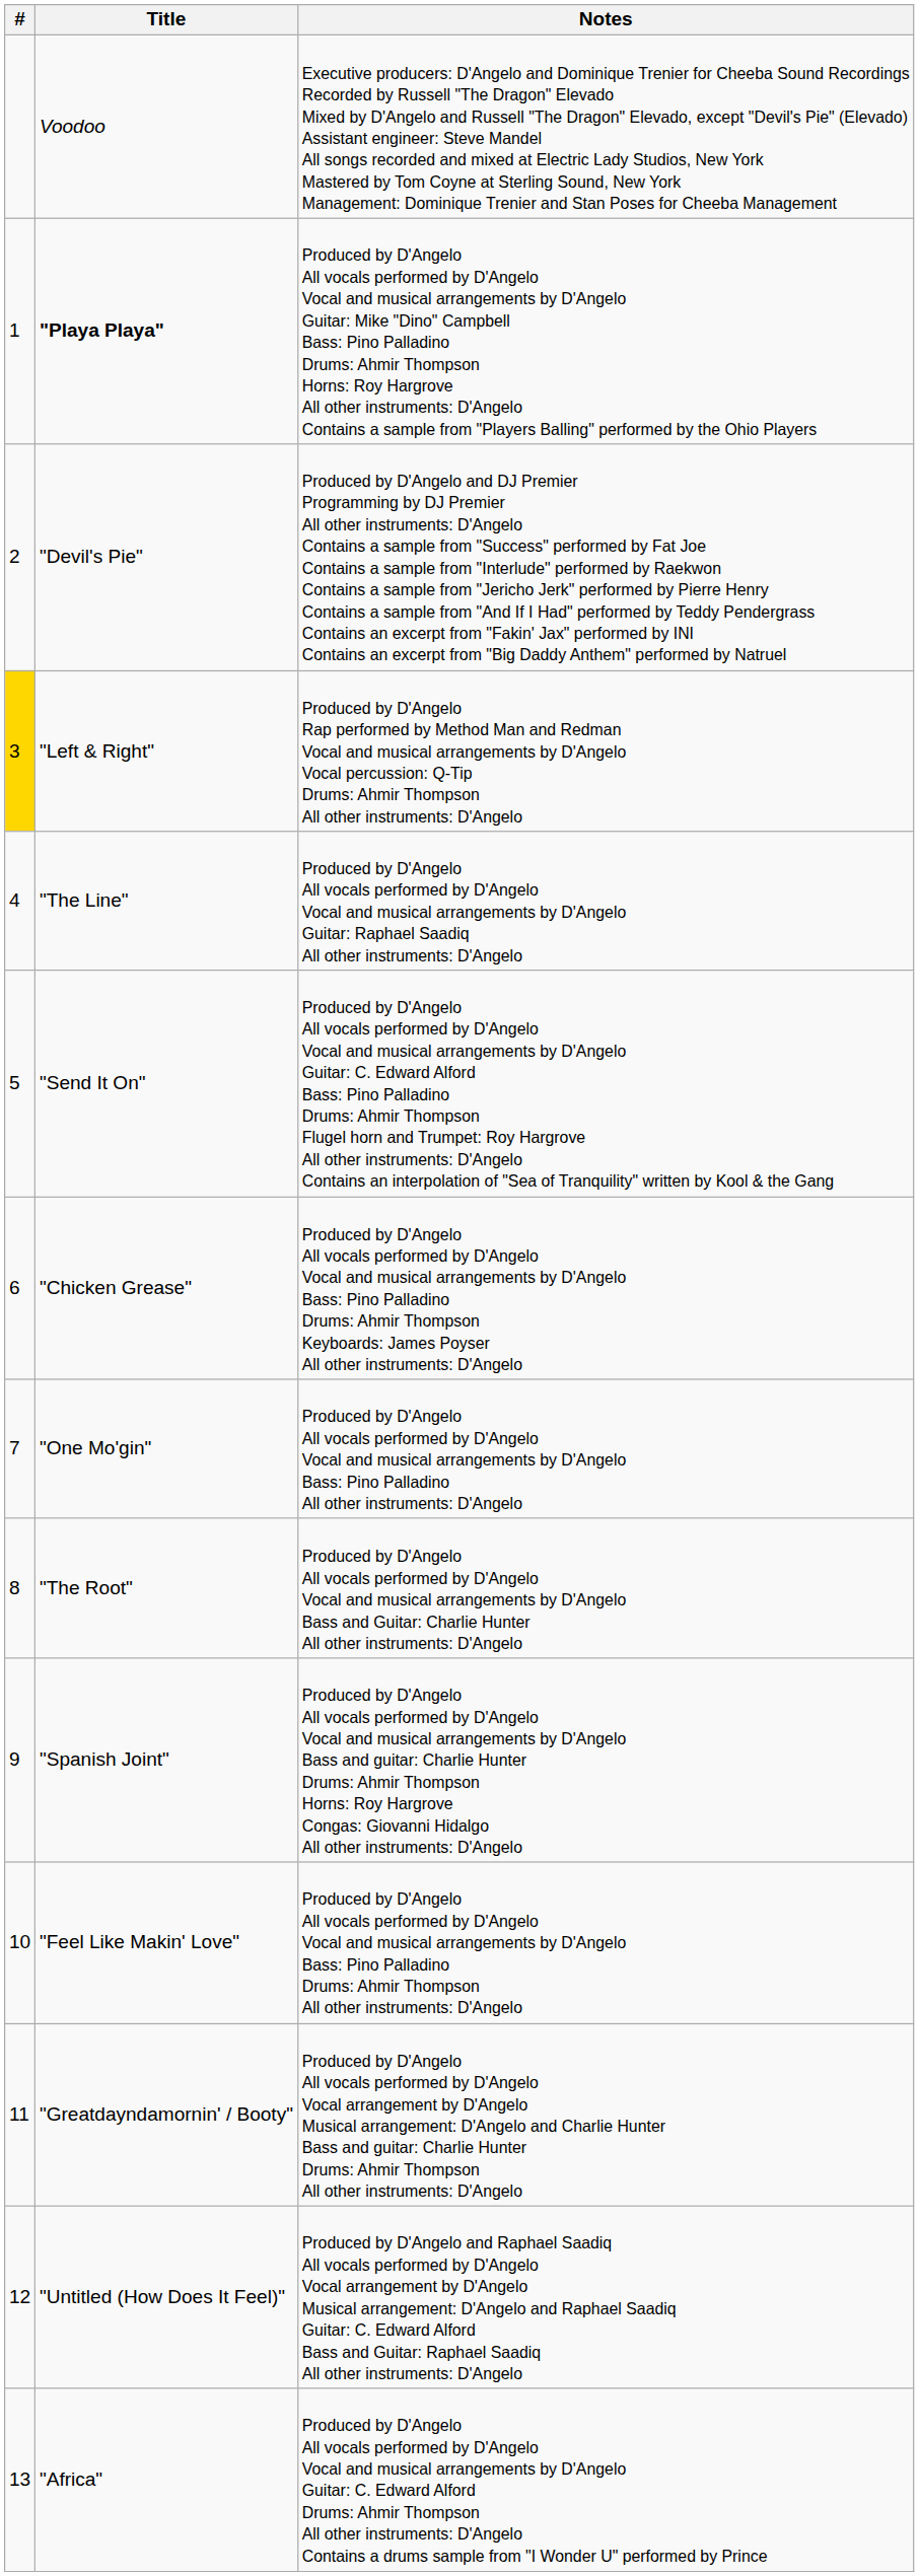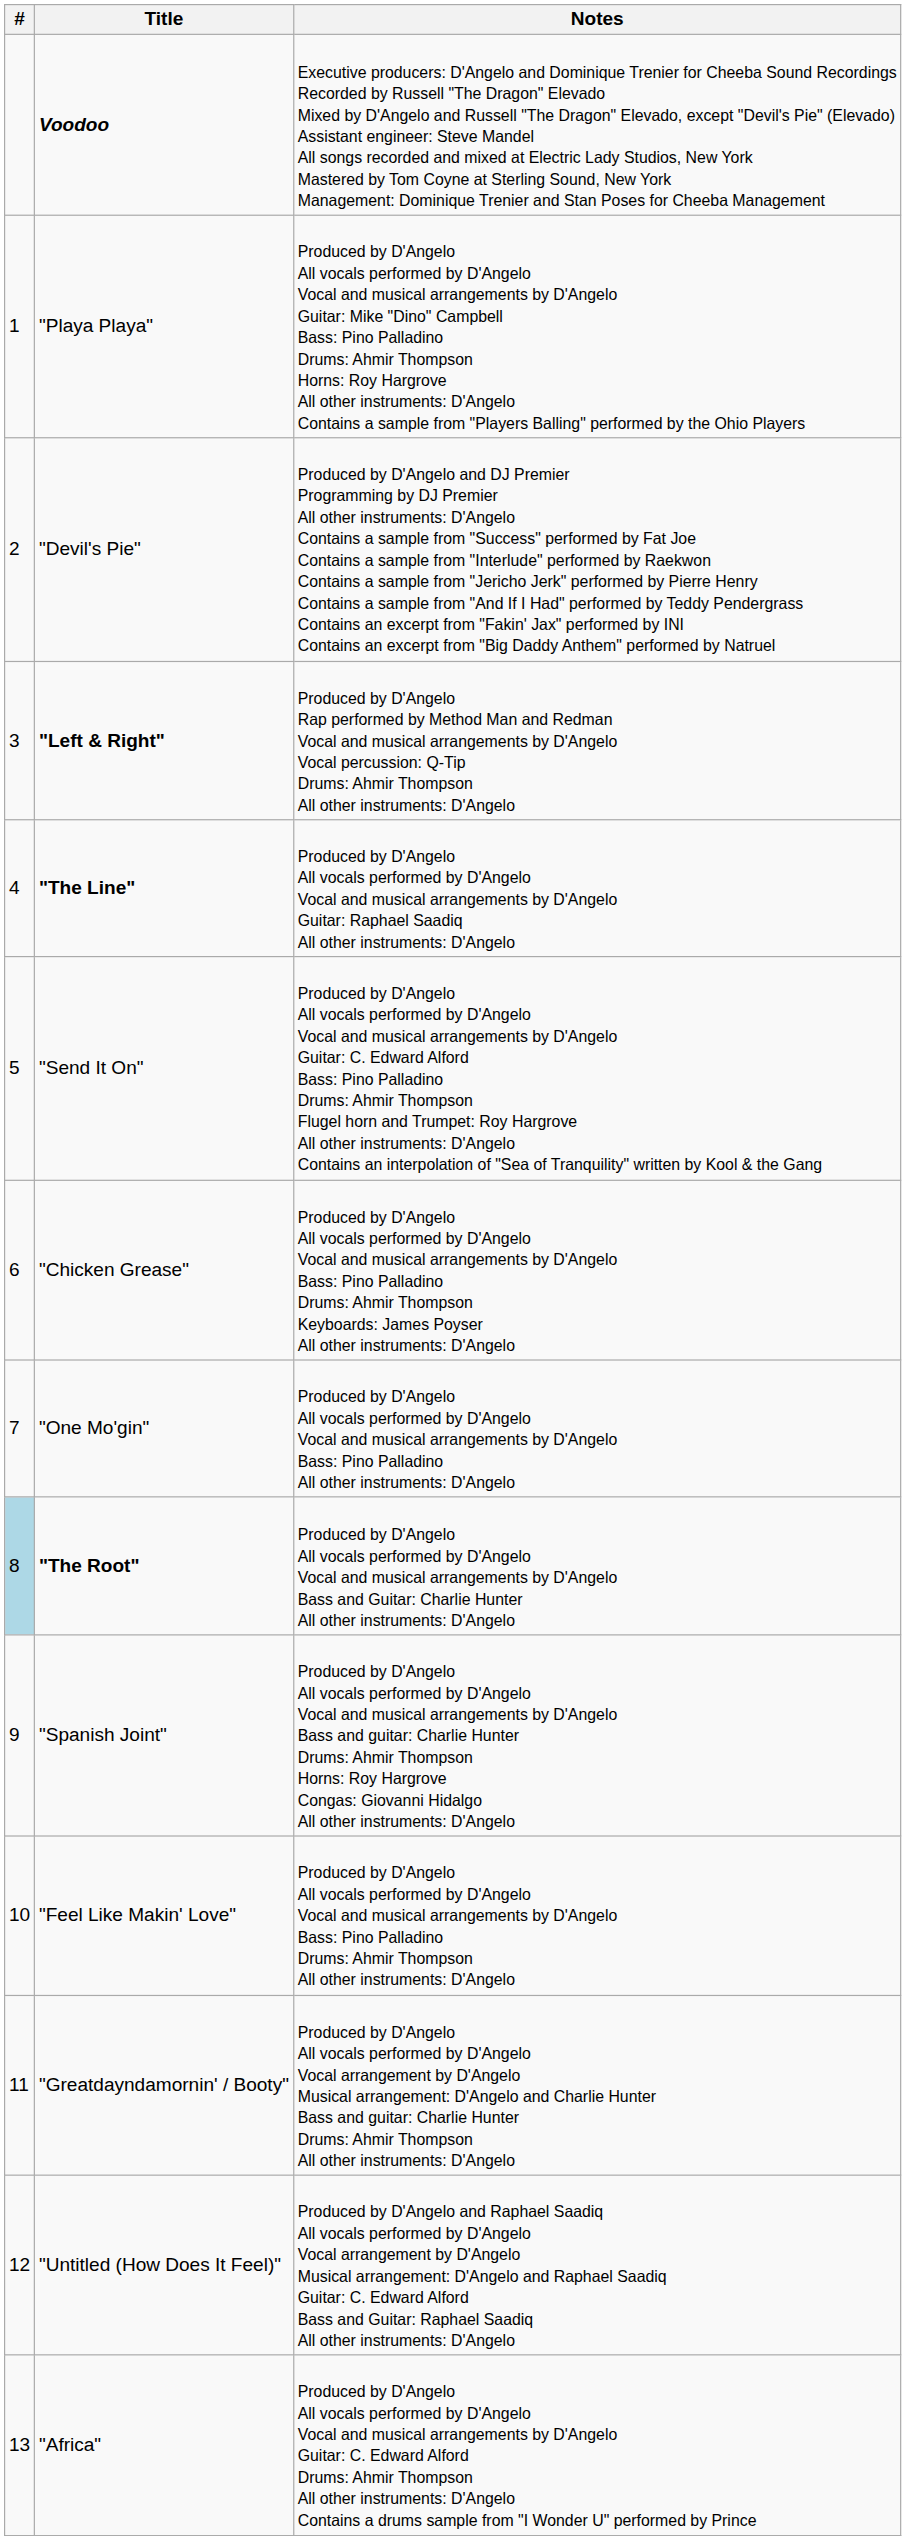 <table class="wikitable">
 <tr>
 <th>#</th>
 <th>Title</th>
 <th>Notes</th>
 </tr>
 <tr>
 <td></td>
-<td><em>Voodoo</em></td>
+<td><strong><em>Voodoo</em></strong></td>
 <td><br><small>Executive producers: D'Angelo and Dominique Trenier for Cheeba Sound Recordings <br>Recorded by Russell "The Dragon" Elevado <br>Mixed by D'Angelo and Russell "The Dragon" Elevado, except "Devil's Pie" (Elevado) <br>Assistant engineer: Steve Mandel <br>All songs recorded and mixed at Electric Lady Studios, New York <br>Mastered by Tom Coyne at Sterling Sound, New York <br>Management: Dominique Trenier and Stan Poses for Cheeba Management</small></td>
 </tr>
 <tr>
 <td>1</td>
-<td><strong>"Playa Playa"</strong></td>
+<td>"Playa Playa"</td>
 <td><br><small>Produced by D'Angelo <br>All vocals performed by D'Angelo <br>Vocal and musical arrangements by D'Angelo <br>Guitar: Mike "Dino" Campbell <br>Bass: Pino Palladino <br>Drums: Ahmir Thompson <br>Horns: Roy Hargrove <br>All other instruments: D'Angelo <br>Contains a sample from "Players Balling" performed by the Ohio Players</small></td>
 </tr>
 <tr>
 <td>2</td>
 <td>"Devil's Pie"</td>
 <td><br><small>Produced by D'Angelo and DJ Premier <br>Programming by DJ Premier <br>All other instruments: D'Angelo <br>Contains a sample from "Success" performed by Fat Joe <br>Contains a sample from "Interlude" performed by Raekwon <br>Contains a sample from "Jericho Jerk" performed by Pierre Henry <br>Contains a sample from "And If I Had" performed by Teddy Pendergrass <br>Contains an excerpt from "Fakin' Jax" performed by INI <br>Contains an excerpt from "Big Daddy Anthem" performed by Natruel</small></td>
 </tr>
 <tr>
-<td style="background: gold;">3</td>
-<td>"Left & Right"</td>
+<td>3</td>
+<td><strong>"Left & Right"</strong></td>
 <td><br><small>Produced by D'Angelo <br>Rap performed by Method Man and Redman <br>Vocal and musical arrangements by D'Angelo <br>Vocal percussion: Q-Tip <br>Drums: Ahmir Thompson <br>All other instruments: D'Angelo</small></td>
 </tr>
 <tr>
 <td>4</td>
-<td>"The Line"</td>
+<td><strong>"The Line"</strong></td>
 <td><br><small>Produced by D'Angelo <br>All vocals performed by D'Angelo <br>Vocal and musical arrangements by D'Angelo <br>Guitar: Raphael Saadiq <br>All other instruments: D'Angelo</small></td>
 </tr>
 <tr>
 <td>5</td>
 <td>"Send It On"</td>
 <td><br><small>Produced by D'Angelo <br>All vocals performed by D'Angelo <br>Vocal and musical arrangements by D'Angelo <br>Guitar: C. Edward Alford <br>Bass: Pino Palladino <br>Drums: Ahmir Thompson <br>Flugel horn and Trumpet: Roy Hargrove <br>All other instruments: D'Angelo <br>Contains an interpolation of "Sea of Tranquility" written by Kool & the Gang</small></td>
 </tr>
 <tr>
 <td>6</td>
 <td>"Chicken Grease"</td>
 <td><br><small>Produced by D'Angelo <br>All vocals performed by D'Angelo <br>Vocal and musical arrangements by D'Angelo <br>Bass: Pino Palladino <br>Drums: Ahmir Thompson <br>Keyboards: James Poyser <br>All other instruments: D'Angelo</small></td>
 </tr>
 <tr>
 <td>7</td>
 <td>"One Mo'gin"</td>
 <td><br><small>Produced by D'Angelo <br>All vocals performed by D'Angelo <br>Vocal and musical arrangements by D'Angelo <br>Bass: Pino Palladino <br>All other instruments: D'Angelo</small></td>
 </tr>
 <tr>
-<td>8</td>
-<td>"The Root"</td>
+<td style="background: lightblue;">8</td>
+<td><strong>"The Root"</strong></td>
 <td><br><small>Produced by D'Angelo <br>All vocals performed by D'Angelo <br>Vocal and musical arrangements by D'Angelo <br>Bass and Guitar: Charlie Hunter <br>All other instruments: D'Angelo</small></td>
 </tr>
 <tr>
 <td>9</td>
 <td>"Spanish Joint"</td>
 <td><br><small>Produced by D'Angelo <br>All vocals performed by D'Angelo <br>Vocal and musical arrangements by D'Angelo <br>Bass and guitar: Charlie Hunter <br>Drums: Ahmir Thompson <br>Horns: Roy Hargrove <br>Congas: Giovanni Hidalgo <br>All other instruments: D'Angelo</small></td>
 </tr>
 <tr>
 <td>10</td>
 <td>"Feel Like Makin' Love"</td>
 <td><br><small>Produced by D'Angelo <br>All vocals performed by D'Angelo <br>Vocal and musical arrangements by D'Angelo <br>Bass: Pino Palladino <br>Drums: Ahmir Thompson <br>All other instruments: D'Angelo</small></td>
 </tr>
 <tr>
 <td>11</td>
 <td>"Greatdayndamornin' / Booty"</td>
 <td><br><small>Produced by D'Angelo <br>All vocals performed by D'Angelo <br>Vocal arrangement by D'Angelo <br>Musical arrangement: D'Angelo and Charlie Hunter <br>Bass and guitar: Charlie Hunter <br>Drums: Ahmir Thompson <br>All other instruments: D'Angelo</small></td>
 </tr>
 <tr>
 <td>12</td>
 <td>"Untitled (How Does It Feel)"</td>
 <td><br><small>Produced by D'Angelo and Raphael Saadiq <br>All vocals performed by D'Angelo <br>Vocal arrangement by D'Angelo <br>Musical arrangement: D'Angelo and Raphael Saadiq <br>Guitar: C. Edward Alford <br>Bass and Guitar: Raphael Saadiq <br>All other instruments: D'Angelo</small></td>
 </tr>
 <tr>
 <td>13</td>
 <td>"Africa"</td>
 <td><br><small>Produced by D'Angelo <br>All vocals performed by D'Angelo <br>Vocal and musical arrangements by D'Angelo <br>Guitar: C. Edward Alford <br>Drums: Ahmir Thompson <br>All other instruments: D'Angelo <br>Contains a drums sample from "I Wonder U" performed by Prince</small></td>
 </tr>
 <tr>
 </tr>
 </table>
